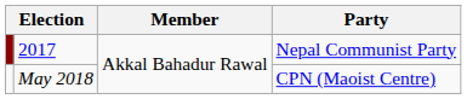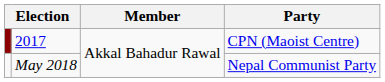 <table class="wikitable">
 <tr>
 <th colspan="2">Election</th>
 <th>Member</th>
 <th>Party</th>
 </tr>
 <tr>
 <td style="background-color:darkred"></td>
 <td><a href='#'>2017</a></td>
 <td rowspan="2">Akkal Bahadur Rawal</td>
-<td><a href='#'>Nepal Communist Party</a></td>
+<td><a href='#'>CPN (Maoist Centre)</a></td>
 </tr>
 <tr>
 <td style="background-color:"></td>
 <td><em>May 2018</em></td>
-<td><a href='#'>CPN (Maoist Centre)</a></td>
+<td><a href='#'>Nepal Communist Party</a></td>
 </tr>
 </table>
